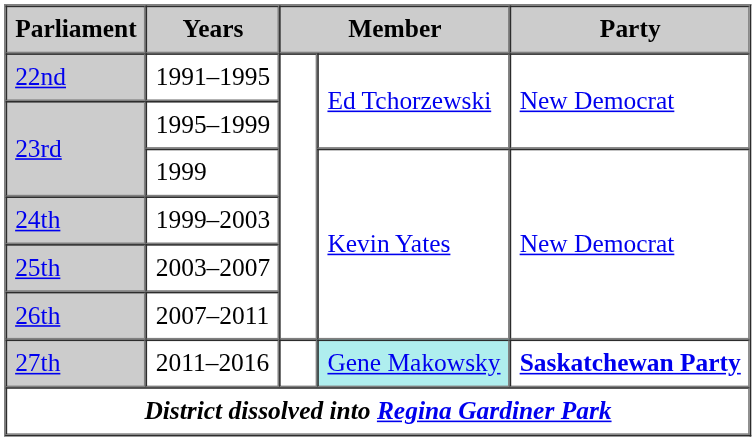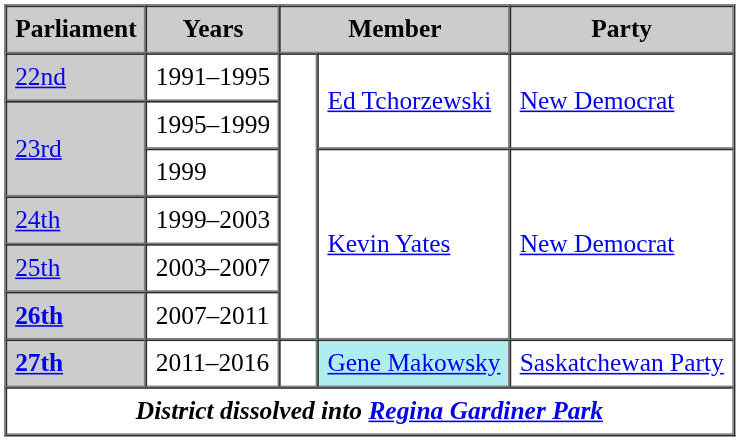 <table border=1 cellpadding=5 cellspacing=0>
 <tr bgcolor="CCCCCC">
 <th>Parliament</th>
 <th>Years</th>
 <th colspan="2">Member</th>
 <th>Party</th>
 </tr>
 <tr>
 <td bgcolor="CCCCCC"><a href='#'>22nd</a></td>
 <td>1991–1995</td>
 <td rowspan="6" >   </td>
 <td rowspan="2"><a href='#'>Ed Tchorzewski</a></td>
 <td rowspan="2"><a href='#'>New Democrat</a></td>
 </tr>
 <tr>
 <td bgcolor="CCCCCC" rowspan="2"><a href='#'>23rd</a></td>
 <td>1995–1999</td>
 </tr>
 <tr>
 <td>1999</td>
 <td rowspan="4"><a href='#'>Kevin Yates</a></td>
 <td rowspan="4"><a href='#'>New Democrat</a></td>
 </tr>
 <tr>
 <td bgcolor="CCCCCC"><a href='#'>24th</a></td>
 <td>1999–2003</td>
 </tr>
 <tr>
 <td bgcolor="CCCCCC"><a href='#'>25th</a></td>
 <td>2003–2007</td>
 </tr>
 <tr>
-<td bgcolor="CCCCCC"><a href='#'>26th</a></td>
+<td bgcolor="CCCCCC"><strong><a href='#'>26th</a></strong></td>
 <td>2007–2011</td>
 </tr>
 <tr>
-<td bgcolor="CCCCCC"><a href='#'>27th</a></td>
+<td bgcolor="CCCCCC"><strong><a href='#'>27th</a></strong></td>
 <td>2011–2016</td>
 <td>   </td>
 <td style="background: paleturquoise;"><a href='#'>Gene Makowsky</a></td>
-<td><strong><a href='#'>Saskatchewan Party</a></strong></td>
+<td><a href='#'>Saskatchewan Party</a></td>
 </tr>
 <tr>
 <td colspan="5" align="center"><strong><em>District dissolved into <a href='#'>Regina Gardiner Park</a></em></strong></td>
 </tr>
 <tr>
 </tr>
 </table>
